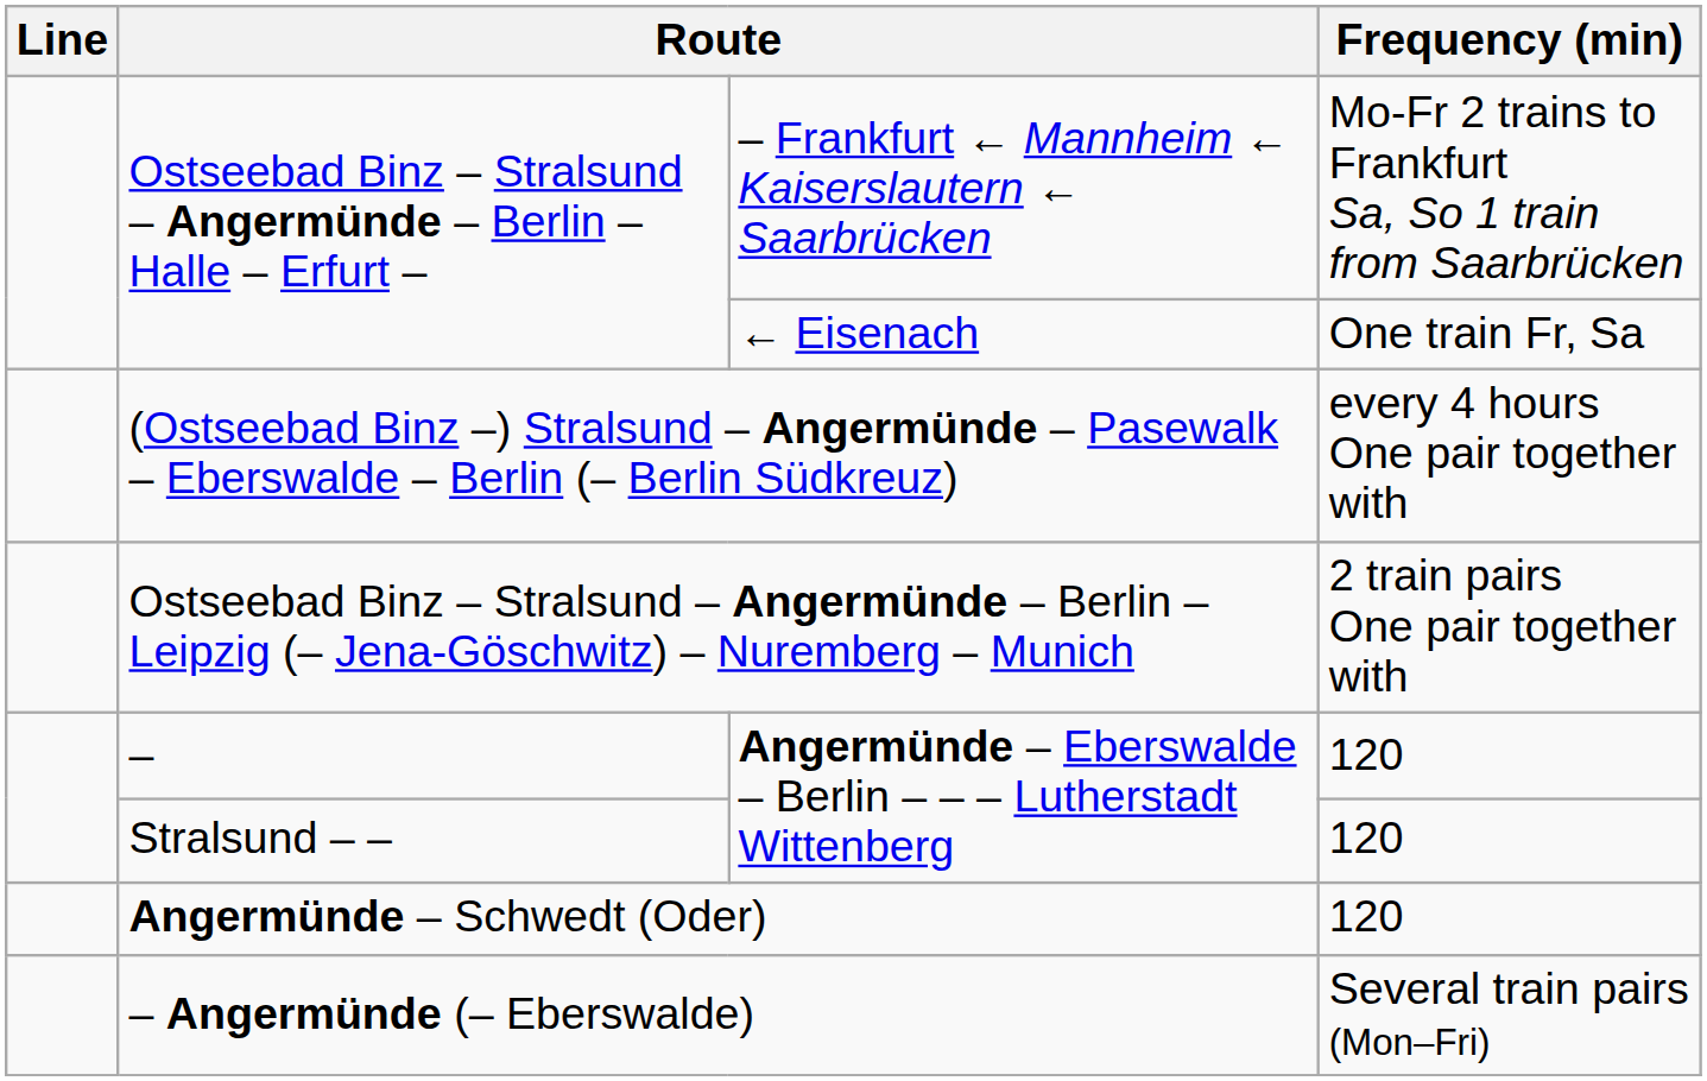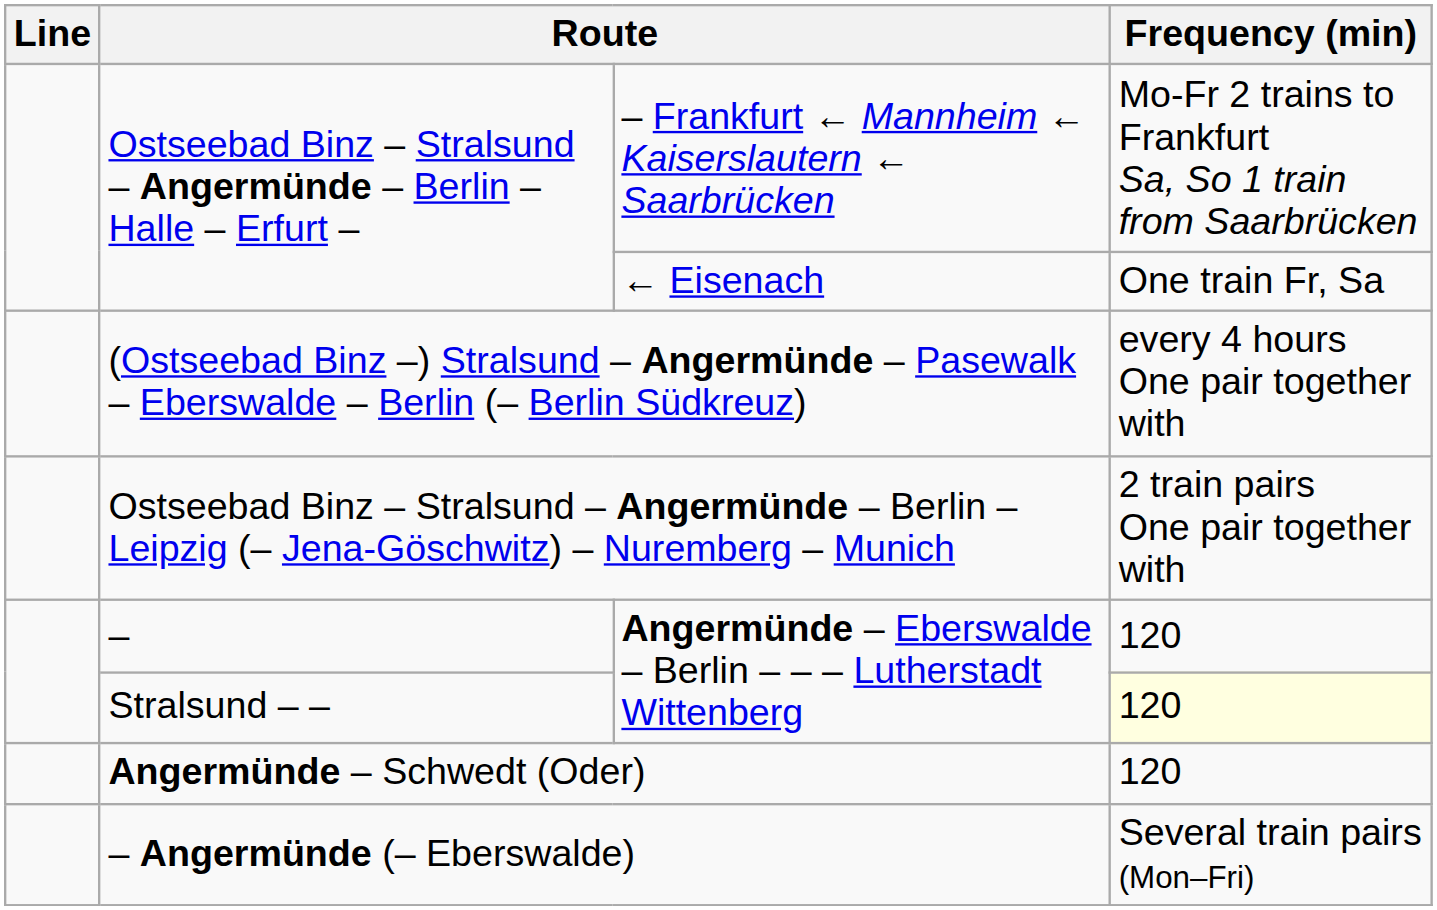 <table class="wikitable">
 <tr>
 <th>Line</th>
 <th colspan="2">Route</th>
 <th>Frequency (min)</th>
 </tr>
 <tr>
 <td rowspan="2" align="center"></td>
 <td rowspan="2"><a href='#'>Ostseebad Binz</a> – <a href='#'>Stralsund</a> – <strong>Angermünde</strong> – <a href='#'>Berlin</a> – <a href='#'>Halle</a> – <a href='#'>Erfurt</a> –</td>
 <td>– <a href='#'>Frankfurt</a> <em>← <a href='#'>Mannheim</a> ← <a href='#'>Kaiserslautern</a> ← <a href='#'>Saarbrücken</a></em></td>
 <td>Mo-Fr 2 trains to Frankfurt<br><em>Sa, So 1 train from Saarbrücken</em></td>
 </tr>
 <tr>
 <td>← <a href='#'>Eisenach</a></td>
 <td>One train Fr, Sa</td>
 </tr>
 <tr>
 <td></td>
 <td colspan="2">(<a href='#'>Ostseebad Binz</a> –) <a href='#'>Stralsund</a> – <strong>Angermünde</strong> – <a href='#'>Pasewalk</a> – <a href='#'>Eberswalde</a> – <a href='#'>Berlin</a> (– <a href='#'>Berlin Südkreuz</a>)</td>
 <td>every 4 hours<br>One pair together with </td>
 </tr>
 <tr>
 <td></td>
 <td colspan="2">Ostseebad Binz – Stralsund – <strong>Angermünde</strong> – Berlin – <a href='#'>Leipzig</a> (– <a href='#'>Jena-Göschwitz</a>) – <a href='#'>Nuremberg</a> – <a href='#'>Munich</a></td>
 <td>2 train pairs<br>One pair together with </td>
 </tr>
 <tr>
 <td rowspan="2" align="center"></td>
 <td> –</td>
 <td rowspan="2"><strong>Angermünde</strong> – <a href='#'>Eberswalde</a> – Berlin –  –  – <a href='#'>Lutherstadt Wittenberg</a></td>
 <td>120</td>
 </tr>
 <tr>
 <td>Stralsund –  –</td>
-<td>120</td>
+<td style="background: lightyellow;">120</td>
 </tr>
 <tr>
 <td align="center"></td>
 <td colspan="2"><strong>Angermünde</strong> – Schwedt (Oder)</td>
 <td>120</td>
 </tr>
 <tr>
 <td align="center"></td>
 <td colspan="2"> – <strong>Angermünde</strong> (– Eberswalde)</td>
 <td>Several train pairs <small>(Mon–Fri)</small></td>
 </tr>
 </table>
